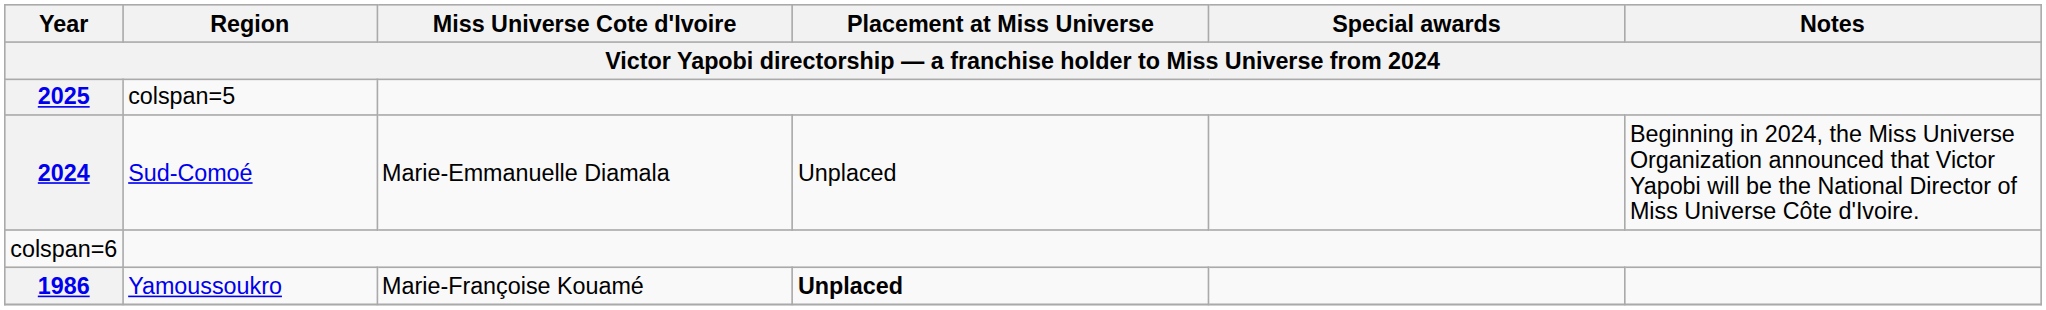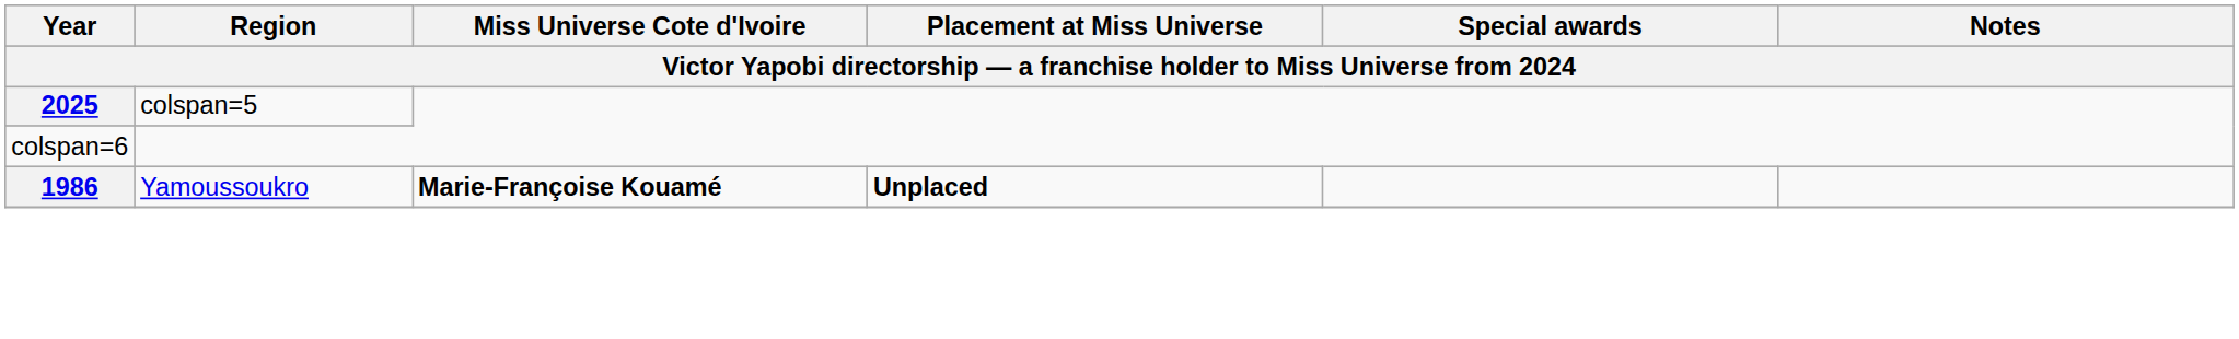 <table class="wikitable " style="font-size: 90%;">
 <tr>
 <th width="60">Year</th>
 <th width="150">Region</th>
 <th width="250">Miss Universe Cote d'Ivoire</th>
 <th width="250">Placement at Miss Universe</th>
 <th width="250">Special awards</th>
 <th width="250">Notes</th>
 </tr>
 <tr>
 <th colspan="6">Victor Yapobi directorship — a franchise holder to Miss Universe from 2024</th>
 </tr>
 <tr>
 <th><a href='#'>2025</a></th>
 <td>colspan=5 </td>
 </tr>
 <tr>
-<th><a href='#'>2024</a></th>
-<td><a href='#'>Sud-Comoé</a></td>
-<td>Marie-Emmanuelle Diamala</td>
-<td>Unplaced</td>
-<td></td>
-<td>Beginning in 2024, the Miss Universe Organization announced that Victor Yapobi will be the National Director of Miss Universe Côte d'Ivoire.</td>
-</tr>
-<tr>
 <td>colspan=6 </td>
 </tr>
 <tr>
 <th><a href='#'>1986</a></th>
 <td><a href='#'>Yamoussoukro</a></td>
-<td>Marie-Françoise Kouamé</td>
+<td><strong>Marie-Françoise Kouamé</strong></td>
 <td><strong>Unplaced</strong></td>
 <td></td>
 <td></td>
 </tr>
 <tr>
 </tr>
 </table>
